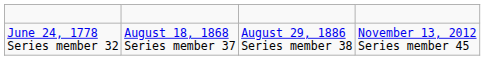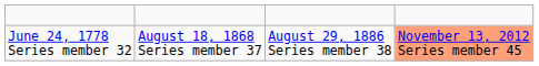 <table class=wikitable>
 <tr valign=top>
 <td><br></td>
 <td><br></td>
 <td><br></td>
 <td><br></td>
 </tr>
 <tr valign=top>
 <td><a href='#'>June 24, 1778</a><br>Series member 32</td>
 <td><a href='#'>August 18, 1868</a><br>Series member 37</td>
 <td><a href='#'>August 29, 1886</a><br>Series member 38</td>
-<td><a href='#'>November 13, 2012</a><br>Series member 45</td>
+<td style="background: lightsalmon;"><a href='#'>November 13, 2012</a><br>Series member 45</td>
 </tr>
 </table>
